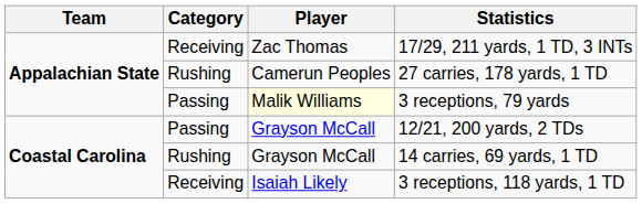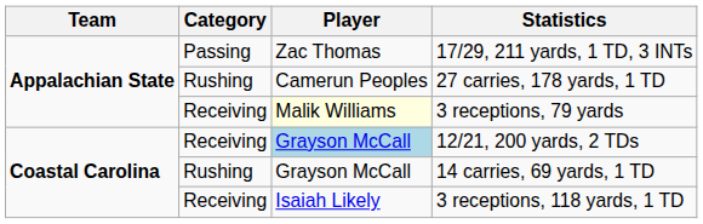 <table class="wikitable" style="float: left;">
 <tr>
 <th>Team</th>
 <th>Category</th>
 <th>Player</th>
 <th>Statistics</th>
 </tr>
 <tr>
 <td rowspan=3><strong>Appalachian State</strong></td>
-<td>Receiving</td>
+<td>Passing</td>
 <td>Zac Thomas</td>
 <td>17/29, 211 yards, 1 TD, 3 INTs</td>
 </tr>
 <tr>
 <td>Rushing</td>
 <td>Camerun Peoples</td>
 <td>27 carries, 178 yards, 1 TD</td>
 </tr>
 <tr>
-<td>Passing</td>
+<td>Receiving</td>
 <td style="background: lightyellow;">Malik Williams</td>
 <td>3 receptions, 79 yards</td>
 </tr>
 <tr>
 <td rowspan=3><strong>Coastal Carolina</strong></td>
-<td>Passing</td>
-<td><a href='#'>Grayson McCall</a></td>
+<td>Receiving</td>
+<td style="background: lightblue;"><a href='#'>Grayson McCall</a></td>
 <td>12/21, 200 yards, 2 TDs</td>
 </tr>
 <tr>
 <td>Rushing</td>
 <td>Grayson McCall</td>
 <td>14 carries, 69 yards, 1 TD</td>
 </tr>
 <tr>
 <td>Receiving</td>
 <td><a href='#'>Isaiah Likely</a></td>
 <td>3 receptions, 118 yards, 1 TD</td>
 </tr>
 </table>
